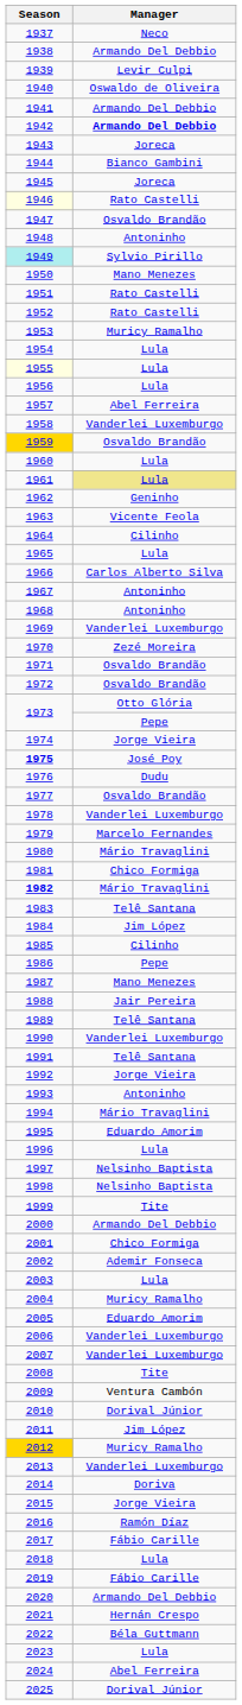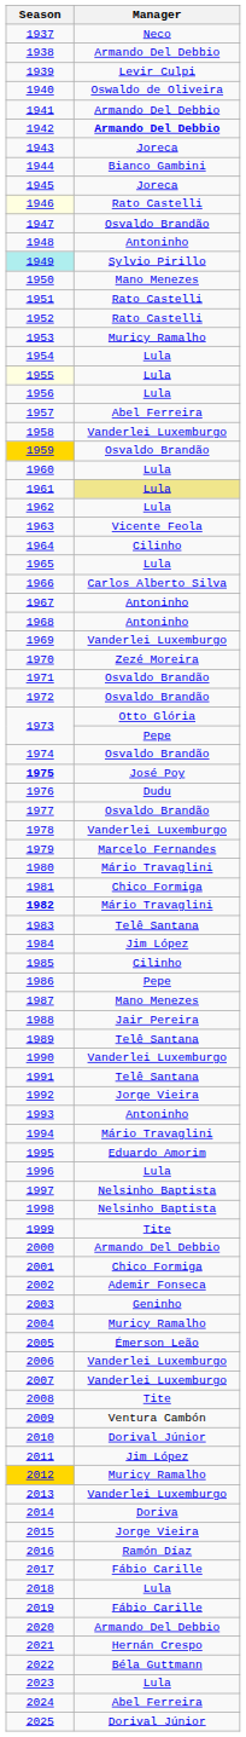 <table class="wikitable sortable" style="text-align:center; margin-left:1em;">
 <tr>
 <th style="width:70px">Season</th>
 <th style="width:180px">Manager</th>
 </tr>
 <tr>
 <td><a href='#'>1937</a></td>
 <td><a href='#'>Neco</a></td>
 </tr>
 <tr>
 <td><a href='#'>1938</a></td>
 <td><a href='#'>Armando Del Debbio</a></td>
 </tr>
 <tr>
 <td><a href='#'>1939</a></td>
 <td><a href='#'>Levir Culpi</a></td>
 </tr>
 <tr>
 <td><a href='#'>1940</a></td>
 <td><a href='#'>Oswaldo de Oliveira</a></td>
 </tr>
 <tr>
 <td><a href='#'>1941</a></td>
 <td><a href='#'>Armando Del Debbio</a></td>
 </tr>
 <tr>
 <td><a href='#'>1942</a></td>
 <td><strong><a href='#'>Armando Del Debbio</a></strong></td>
 </tr>
 <tr>
 <td><a href='#'>1943</a></td>
 <td> <a href='#'>Joreca</a></td>
 </tr>
 <tr>
 <td><a href='#'>1944</a></td>
 <td><a href='#'>Bianco Gambini</a></td>
 </tr>
 <tr>
 <td><a href='#'>1945</a></td>
 <td> <a href='#'>Joreca</a></td>
 </tr>
 <tr>
 <td style="background: lightyellow;"><a href='#'>1946</a></td>
 <td><a href='#'>Rato Castelli</a></td>
 </tr>
 <tr>
 <td><a href='#'>1947</a></td>
 <td><a href='#'>Osvaldo Brandão</a></td>
 </tr>
 <tr>
 <td><a href='#'>1948</a></td>
 <td><a href='#'>Antoninho</a></td>
 </tr>
 <tr>
 <td style="background: paleturquoise;"><a href='#'>1949</a></td>
 <td><a href='#'>Sylvio Pirillo</a></td>
 </tr>
 <tr>
 <td><a href='#'>1950</a></td>
 <td><a href='#'>Mano Menezes</a></td>
 </tr>
 <tr>
 <td><a href='#'>1951</a></td>
 <td><a href='#'>Rato Castelli</a></td>
 </tr>
 <tr>
 <td><a href='#'>1952</a></td>
 <td><a href='#'>Rato Castelli</a></td>
 </tr>
 <tr>
 <td><a href='#'>1953</a></td>
 <td><a href='#'>Muricy Ramalho</a></td>
 </tr>
 <tr>
 <td><a href='#'>1954</a></td>
 <td><a href='#'>Lula</a></td>
 </tr>
 <tr>
 <td style="background: lightyellow;"><a href='#'>1955</a></td>
 <td><a href='#'>Lula</a></td>
 </tr>
 <tr>
 <td><a href='#'>1956</a></td>
 <td><a href='#'>Lula</a></td>
 </tr>
 <tr>
 <td><a href='#'>1957</a></td>
 <td> <a href='#'>Abel Ferreira</a></td>
 </tr>
 <tr>
 <td><a href='#'>1958</a></td>
 <td><a href='#'>Vanderlei Luxemburgo</a></td>
 </tr>
 <tr>
 <td style="background: gold;"><a href='#'>1959</a></td>
 <td><a href='#'>Osvaldo Brandão</a></td>
 </tr>
 <tr>
 <td><a href='#'>1960</a></td>
 <td><a href='#'>Lula</a></td>
 </tr>
 <tr>
 <td><a href='#'>1961</a></td>
 <td style="background: khaki;"><a href='#'>Lula</a></td>
 </tr>
 <tr>
 <td><a href='#'>1962</a></td>
-<td><a href='#'>Geninho</a></td>
+<td><a href='#'>Lula</a></td>
 </tr>
 <tr>
 <td><a href='#'>1963</a></td>
 <td><a href='#'>Vicente Feola</a></td>
 </tr>
 <tr>
 <td><a href='#'>1964</a></td>
 <td><a href='#'>Cilinho</a></td>
 </tr>
 <tr>
 <td><a href='#'>1965</a></td>
 <td><a href='#'>Lula</a></td>
 </tr>
 <tr>
 <td><a href='#'>1966</a></td>
 <td><a href='#'>Carlos Alberto Silva</a></td>
 </tr>
 <tr>
 <td><a href='#'>1967</a></td>
 <td><a href='#'>Antoninho</a></td>
 </tr>
 <tr>
 <td><a href='#'>1968</a></td>
 <td><a href='#'>Antoninho</a></td>
 </tr>
 <tr>
 <td><a href='#'>1969</a></td>
 <td><a href='#'>Vanderlei Luxemburgo</a></td>
 </tr>
 <tr>
 <td><a href='#'>1970</a></td>
 <td><a href='#'>Zezé Moreira</a></td>
 </tr>
 <tr>
 <td><a href='#'>1971</a></td>
 <td><a href='#'>Osvaldo Brandão</a></td>
 </tr>
 <tr>
 <td><a href='#'>1972</a></td>
 <td><a href='#'>Osvaldo Brandão</a></td>
 </tr>
 <tr>
 <td rowspan=2><a href='#'>1973</a></td>
 <td><a href='#'>Otto Glória</a></td>
 </tr>
 <tr>
 <td><a href='#'>Pepe</a></td>
 </tr>
 <tr>
 <td><a href='#'>1974</a></td>
-<td><a href='#'>Jorge Vieira</a></td>
+<td><a href='#'>Osvaldo Brandão</a></td>
 </tr>
 <tr>
 <td><strong><a href='#'>1975</a></strong></td>
 <td> <a href='#'>José Poy</a></td>
 </tr>
 <tr>
 <td><a href='#'>1976</a></td>
 <td><a href='#'>Dudu</a></td>
 </tr>
 <tr>
 <td><a href='#'>1977</a></td>
 <td><a href='#'>Osvaldo Brandão</a></td>
 </tr>
 <tr>
 <td><a href='#'>1978</a></td>
 <td><a href='#'>Vanderlei Luxemburgo</a></td>
 </tr>
 <tr>
 <td><a href='#'>1979</a></td>
 <td><a href='#'>Marcelo Fernandes</a></td>
 </tr>
 <tr>
 <td><a href='#'>1980</a></td>
 <td><a href='#'>Mário Travaglini</a></td>
 </tr>
 <tr>
 <td><a href='#'>1981</a></td>
 <td><a href='#'>Chico Formiga</a></td>
 </tr>
 <tr>
 <td><strong><a href='#'>1982</a></strong></td>
 <td><a href='#'>Mário Travaglini</a></td>
 </tr>
 <tr>
 <td><a href='#'>1983</a></td>
 <td><a href='#'>Telê Santana</a></td>
 </tr>
 <tr>
 <td><a href='#'>1984</a></td>
 <td> <a href='#'>Jim López</a></td>
 </tr>
 <tr>
 <td><a href='#'>1985</a></td>
 <td><a href='#'>Cilinho</a></td>
 </tr>
 <tr>
 <td><a href='#'>1986</a></td>
 <td><a href='#'>Pepe</a></td>
 </tr>
 <tr>
 <td><a href='#'>1987</a></td>
 <td><a href='#'>Mano Menezes</a></td>
 </tr>
 <tr>
 <td><a href='#'>1988</a></td>
 <td><a href='#'>Jair Pereira</a></td>
 </tr>
 <tr>
 <td><a href='#'>1989</a></td>
 <td><a href='#'>Telê Santana</a></td>
 </tr>
 <tr>
 <td><a href='#'>1990</a></td>
 <td><a href='#'>Vanderlei Luxemburgo</a></td>
 </tr>
 <tr>
 <td><a href='#'>1991</a></td>
 <td><a href='#'>Telê Santana</a></td>
 </tr>
 <tr>
 <td><a href='#'>1992</a></td>
 <td><a href='#'>Jorge Vieira</a></td>
 </tr>
 <tr>
 <td><a href='#'>1993</a></td>
 <td><a href='#'>Antoninho</a></td>
 </tr>
 <tr>
 <td><a href='#'>1994</a></td>
 <td><a href='#'>Mário Travaglini</a></td>
 </tr>
 <tr>
 <td><a href='#'>1995</a></td>
 <td><a href='#'>Eduardo Amorim</a></td>
 </tr>
 <tr>
 <td><a href='#'>1996</a></td>
 <td><a href='#'>Lula</a></td>
 </tr>
 <tr>
 <td><a href='#'>1997</a></td>
 <td><a href='#'>Nelsinho Baptista</a></td>
 </tr>
 <tr>
 <td><a href='#'>1998</a></td>
 <td><a href='#'>Nelsinho Baptista</a></td>
 </tr>
 <tr>
 <td><a href='#'>1999</a></td>
 <td><a href='#'>Tite</a></td>
 </tr>
 <tr>
 <td><a href='#'>2000</a></td>
 <td><a href='#'>Armando Del Debbio</a></td>
 </tr>
 <tr>
 <td><a href='#'>2001</a></td>
 <td><a href='#'>Chico Formiga</a></td>
 </tr>
 <tr>
 <td><a href='#'>2002</a></td>
 <td><a href='#'>Ademir Fonseca</a></td>
 </tr>
 <tr>
 <td><a href='#'>2003</a></td>
-<td><a href='#'>Lula</a></td>
+<td><a href='#'>Geninho</a></td>
 </tr>
 <tr>
 <td><a href='#'>2004</a></td>
 <td><a href='#'>Muricy Ramalho</a></td>
 </tr>
 <tr>
 <td><a href='#'>2005</a></td>
-<td><a href='#'>Eduardo Amorim</a></td>
+<td><a href='#'>Émerson Leão</a></td>
 </tr>
 <tr>
 <td><a href='#'>2006</a></td>
 <td><a href='#'>Vanderlei Luxemburgo</a></td>
 </tr>
 <tr>
 <td><a href='#'>2007</a></td>
 <td><a href='#'>Vanderlei Luxemburgo</a></td>
 </tr>
 <tr>
 <td><a href='#'>2008</a></td>
 <td><a href='#'>Tite</a></td>
 </tr>
 <tr>
 <td><a href='#'>2009</a></td>
 <td> Ventura Cambón</td>
 </tr>
 <tr>
 <td><a href='#'>2010</a></td>
 <td><a href='#'>Dorival Júnior</a></td>
 </tr>
 <tr>
 <td><a href='#'>2011</a></td>
 <td> <a href='#'>Jim López</a></td>
 </tr>
 <tr>
 <td style="background: gold;"><a href='#'>2012</a></td>
 <td><a href='#'>Muricy Ramalho</a></td>
 </tr>
 <tr>
 <td><a href='#'>2013</a></td>
 <td><a href='#'>Vanderlei Luxemburgo</a></td>
 </tr>
 <tr>
 <td><a href='#'>2014</a></td>
 <td><a href='#'>Doriva</a></td>
 </tr>
 <tr>
 <td><a href='#'>2015</a></td>
 <td><a href='#'>Jorge Vieira</a></td>
 </tr>
 <tr>
 <td><a href='#'>2016</a></td>
 <td> <a href='#'>Ramón Díaz</a></td>
 </tr>
 <tr>
 <td><a href='#'>2017</a></td>
 <td><a href='#'>Fábio Carille</a></td>
 </tr>
 <tr>
 <td><a href='#'>2018</a></td>
 <td><a href='#'>Lula</a></td>
 </tr>
 <tr>
 <td><a href='#'>2019</a></td>
 <td><a href='#'>Fábio Carille</a></td>
 </tr>
 <tr>
 <td><a href='#'>2020</a></td>
 <td><a href='#'>Armando Del Debbio</a></td>
 </tr>
 <tr>
 <td><a href='#'>2021</a></td>
 <td> <a href='#'>Hernán Crespo</a></td>
 </tr>
 <tr>
 <td><a href='#'>2022</a></td>
 <td> <a href='#'>Béla Guttmann</a></td>
 </tr>
 <tr>
 <td><a href='#'>2023</a></td>
 <td><a href='#'>Lula</a></td>
 </tr>
 <tr>
 <td><a href='#'>2024</a></td>
 <td> <a href='#'>Abel Ferreira</a></td>
 </tr>
 <tr>
 <td><a href='#'>2025</a></td>
 <td><a href='#'>Dorival Júnior</a></td>
 </tr>
 </table>
